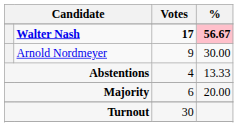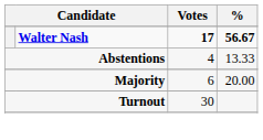 <table class="wikitable" style="font-size: 95%;">
 <tr style="background-color:#E9E9E9">
 <th colspan="2" style="width: 170px">Candidate</th>
 <th style="width: 50px">Votes</th>
 <th style="width: 40px">%</th>
 </tr>
 <tr>
 </tr>
 <tr>
 <th width=5 style="background-color: "></th>
 <td style="width: 170px"><strong><a href='#'>Walter Nash</a></strong></td>
 <td align="right"><strong>17</strong></td>
-<td align="right" style="background: pink;"><strong>56.67</strong></td>
-</tr>
-<tr>
-<th style="background-color: "></th>
-<td style="width: 170px"><a href='#'>Arnold Nordmeyer</a></td>
-<td align="right">9</td>
-<td align="right">30.00</td>
+<td align="right"><strong>56.67</strong></td>
 </tr>
 <tr style="background-color:#F6F6F6">
 <td colspan="2" align="right"><strong>Abstentions</strong></td>
 <td align="right">4</td>
 <td align="right">13.33</td>
 </tr>
 <tr>
 </tr>
 <tr style="background-color:#F6F6F6">
 <td colspan="2" align="right"><strong>Majority</strong></td>
 <td align="right">6</td>
 <td align="right">20.00</td>
 </tr>
 <tr>
 </tr>
 <tr style="background-color:#F6F6F6">
 <td colspan="2" align="right"><strong>Turnout</strong></td>
 <td align="right">30</td>
 <td></td>
 </tr>
 <tr>
 </tr>
 <tr style="background-color:#F6F6F6">
 </tr>
 </table>
